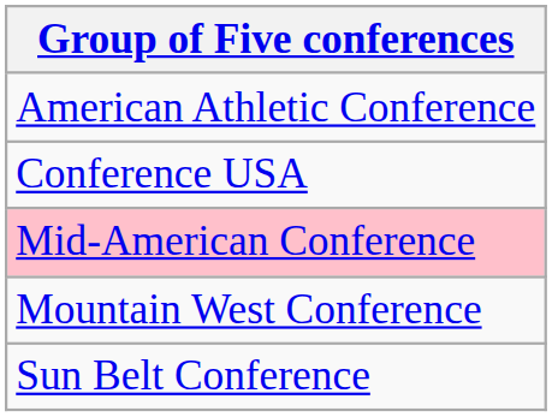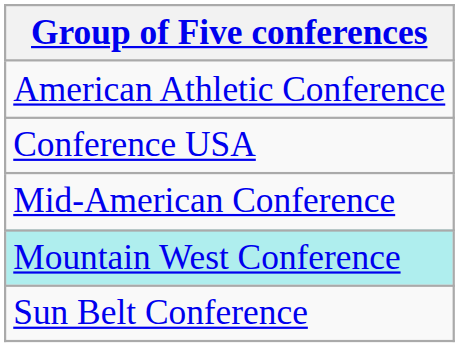 <table class="wikitable">
 <tr>
 <th><a href='#'>Group of Five conferences</a></th>
 </tr>
 <tr>
 <td><a href='#'>American Athletic Conference</a></td>
 </tr>
 <tr>
 <td><a href='#'>Conference USA</a></td>
 </tr>
 <tr>
-<td style="background: pink;"><a href='#'>Mid-American Conference</a></td>
+<td><a href='#'>Mid-American Conference</a></td>
 </tr>
 <tr>
-<td><a href='#'>Mountain West Conference</a></td>
+<td style="background: paleturquoise;"><a href='#'>Mountain West Conference</a></td>
 </tr>
 <tr>
 <td><a href='#'>Sun Belt Conference</a></td>
 </tr>
 </table>
